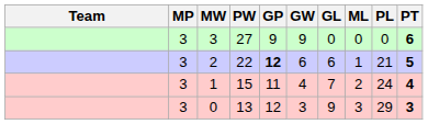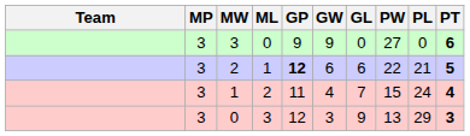 <table class=wikitable style="text-align:center">
 <tr>
 <th width=175>Team</th>
 <th width=20>MP</th>
 <th width=20>MW</th>
-<th width=20>PW</th>
+<th width=20>ML</th>
 <th width=20>GP</th>
 <th width=20>GW</th>
 <th width=20>GL</th>
-<th width=20>ML</th>
+<th width=20>PW</th>
 <th width=20>PL</th>
 <th width=20>PT</th>
 </tr>
 <tr style="background-color:#ccffcc;">
 <td style="text-align:left;"></td>
 <td>3</td>
 <td>3</td>
-<td>27</td>
+<td>0</td>
 <td>9</td>
 <td>9</td>
 <td>0</td>
-<td>0</td>
+<td>27</td>
 <td>0</td>
 <td><strong>6</strong></td>
 </tr>
 <tr style="background-color:#ccccff;">
 <td style="text-align:left;"></td>
 <td>3</td>
 <td>2</td>
-<td>22</td>
+<td>1</td>
 <td><strong>12</strong></td>
 <td>6</td>
 <td>6</td>
-<td>1</td>
+<td>22</td>
 <td>21</td>
 <td><strong>5</strong></td>
 </tr>
 <tr style="background-color:#ffcccc;">
 <td style="text-align:left;"></td>
 <td>3</td>
 <td>1</td>
-<td>15</td>
+<td>2</td>
 <td>11</td>
 <td>4</td>
 <td>7</td>
-<td>2</td>
+<td>15</td>
 <td>24</td>
 <td><strong>4</strong></td>
 </tr>
 <tr style="background-color:#ffcccc;">
 <td style="text-align:left;"></td>
 <td>3</td>
 <td>0</td>
-<td>13</td>
+<td>3</td>
 <td>12</td>
 <td>3</td>
 <td>9</td>
-<td>3</td>
+<td>13</td>
 <td>29</td>
 <td><strong>3</strong></td>
 </tr>
 </table>
